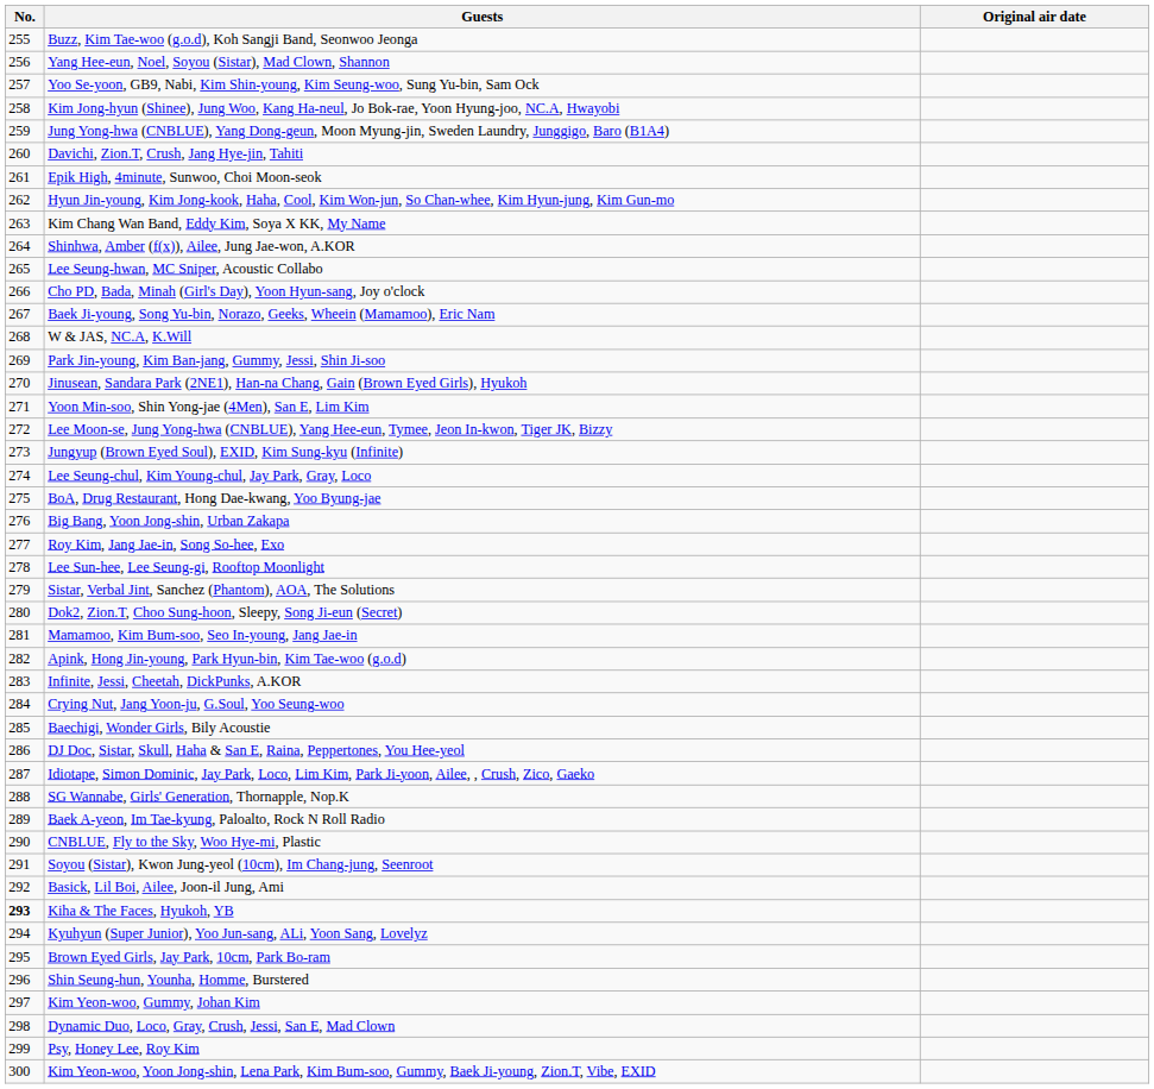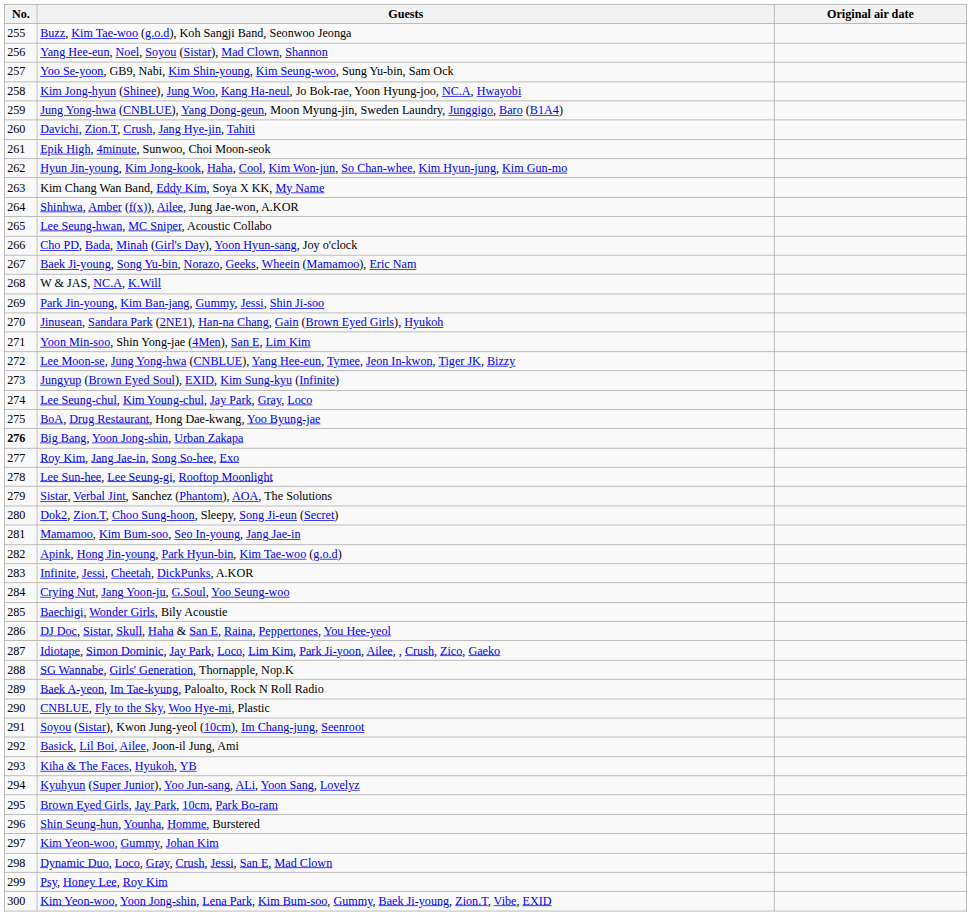 <table class="wikitable" style="width:80%; style="text-align:center" margin:auto; background:#FFFFFF;">
 <tr>
 <th>No.</th>
 <th>Guests</th>
 <th width="20%">Original air date</th>
 </tr>
 <tr>
 <td>255</td>
 <td><a href='#'>Buzz</a>, <a href='#'>Kim Tae-woo</a> (<a href='#'>g.o.d</a>), Koh Sangji Band, Seonwoo Jeonga</td>
 <td></td>
 </tr>
 <tr>
 <td>256</td>
 <td><a href='#'>Yang Hee-eun</a>, <a href='#'>Noel</a>, <a href='#'>Soyou</a> (<a href='#'>Sistar</a>), <a href='#'>Mad Clown</a>, <a href='#'>Shannon</a></td>
 <td></td>
 </tr>
 <tr>
 <td>257</td>
 <td><a href='#'>Yoo Se-yoon</a>, GB9, Nabi, <a href='#'>Kim Shin-young</a>, <a href='#'>Kim Seung-woo</a>, Sung Yu-bin, Sam Ock</td>
 <td></td>
 </tr>
 <tr>
 <td>258</td>
 <td><a href='#'>Kim Jong-hyun</a> (<a href='#'>Shinee</a>), <a href='#'>Jung Woo</a>, <a href='#'>Kang Ha-neul</a>, Jo Bok-rae, Yoon Hyung-joo, <a href='#'>NC.A</a>, <a href='#'>Hwayobi</a></td>
 <td></td>
 </tr>
 <tr>
 <td>259</td>
 <td><a href='#'>Jung Yong-hwa</a> (<a href='#'>CNBLUE</a>), <a href='#'>Yang Dong-geun</a>, Moon Myung-jin, Sweden Laundry, <a href='#'>Junggigo</a>, <a href='#'>Baro</a> (<a href='#'>B1A4</a>)</td>
 <td></td>
 </tr>
 <tr>
 <td>260</td>
 <td><a href='#'>Davichi</a>, <a href='#'>Zion.T</a>, <a href='#'>Crush</a>, <a href='#'>Jang Hye-jin</a>, <a href='#'>Tahiti</a></td>
 <td></td>
 </tr>
 <tr>
 <td>261</td>
 <td><a href='#'>Epik High</a>, <a href='#'>4minute</a>, Sunwoo, Choi Moon-seok</td>
 <td></td>
 </tr>
 <tr>
 <td>262</td>
 <td><a href='#'>Hyun Jin-young</a>, <a href='#'>Kim Jong-kook</a>, <a href='#'>Haha</a>, <a href='#'>Cool</a>, <a href='#'>Kim Won-jun</a>, <a href='#'>So Chan-whee</a>, <a href='#'>Kim Hyun-jung</a>, <a href='#'>Kim Gun-mo</a></td>
 <td></td>
 </tr>
 <tr>
 <td>263</td>
 <td>Kim Chang Wan Band, <a href='#'>Eddy Kim</a>, Soya X KK, <a href='#'>My Name</a></td>
 <td></td>
 </tr>
 <tr>
 <td>264</td>
 <td><a href='#'>Shinhwa</a>, <a href='#'>Amber</a> (<a href='#'>f(x)</a>), <a href='#'>Ailee</a>, Jung Jae-won, A.KOR</td>
 <td></td>
 </tr>
 <tr>
 <td>265</td>
 <td><a href='#'>Lee Seung-hwan</a>, <a href='#'>MC Sniper</a>, Acoustic Collabo</td>
 <td></td>
 </tr>
 <tr>
 <td>266</td>
 <td><a href='#'>Cho PD</a>, <a href='#'>Bada</a>, <a href='#'>Minah</a> (<a href='#'>Girl's Day</a>), <a href='#'>Yoon Hyun-sang</a>, Joy o'clock</td>
 <td></td>
 </tr>
 <tr>
 <td>267</td>
 <td><a href='#'>Baek Ji-young</a>, <a href='#'>Song Yu-bin</a>, <a href='#'>Norazo</a>, <a href='#'>Geeks</a>, <a href='#'>Wheein</a> (<a href='#'>Mamamoo</a>), <a href='#'>Eric Nam</a></td>
 <td></td>
 </tr>
 <tr>
 <td>268</td>
 <td>W & JAS, <a href='#'>NC.A</a>, <a href='#'>K.Will</a></td>
 <td></td>
 </tr>
 <tr>
 <td>269</td>
 <td><a href='#'>Park Jin-young</a>, <a href='#'>Kim Ban-jang</a>, <a href='#'>Gummy</a>, <a href='#'>Jessi</a>, <a href='#'>Shin Ji-soo</a></td>
 <td></td>
 </tr>
 <tr>
 <td>270</td>
 <td><a href='#'>Jinusean</a>, <a href='#'>Sandara Park</a> (<a href='#'>2NE1</a>), <a href='#'>Han-na Chang</a>, <a href='#'>Gain</a> (<a href='#'>Brown Eyed Girls</a>), <a href='#'>Hyukoh</a></td>
 <td></td>
 </tr>
 <tr>
 <td>271</td>
 <td><a href='#'>Yoon Min-soo</a>, Shin Yong-jae (<a href='#'>4Men</a>), <a href='#'>San E</a>, <a href='#'>Lim Kim</a></td>
 <td></td>
 </tr>
 <tr>
 <td>272</td>
 <td><a href='#'>Lee Moon-se</a>, <a href='#'>Jung Yong-hwa</a> (<a href='#'>CNBLUE</a>), <a href='#'>Yang Hee-eun</a>, <a href='#'>Tymee</a>, <a href='#'>Jeon In-kwon</a>, <a href='#'>Tiger JK</a>, <a href='#'>Bizzy</a></td>
 <td></td>
 </tr>
 <tr>
 <td>273</td>
 <td><a href='#'>Jungyup</a> (<a href='#'>Brown Eyed Soul</a>), <a href='#'>EXID</a>, <a href='#'>Kim Sung-kyu</a> (<a href='#'>Infinite</a>)</td>
 <td></td>
 </tr>
 <tr>
 <td>274</td>
 <td><a href='#'>Lee Seung-chul</a>, <a href='#'>Kim Young-chul</a>, <a href='#'>Jay Park</a>, <a href='#'>Gray</a>, <a href='#'>Loco</a></td>
 <td></td>
 </tr>
 <tr>
 <td>275</td>
 <td><a href='#'>BoA</a>, <a href='#'>Drug Restaurant</a>, Hong Dae-kwang, <a href='#'>Yoo Byung-jae</a></td>
 <td></td>
 </tr>
 <tr>
-<td>276</td>
+<td><strong>276</strong></td>
 <td><a href='#'>Big Bang</a>, <a href='#'>Yoon Jong-shin</a>, <a href='#'>Urban Zakapa</a></td>
 <td></td>
 </tr>
 <tr>
 <td>277</td>
 <td><a href='#'>Roy Kim</a>, <a href='#'>Jang Jae-in</a>, <a href='#'>Song So-hee</a>, <a href='#'>Exo</a></td>
 <td></td>
 </tr>
 <tr>
 <td>278</td>
 <td><a href='#'>Lee Sun-hee</a>, <a href='#'>Lee Seung-gi</a>, <a href='#'>Rooftop Moonlight</a></td>
 <td></td>
 </tr>
 <tr>
 <td>279</td>
 <td><a href='#'>Sistar</a>, <a href='#'>Verbal Jint</a>, Sanchez (<a href='#'>Phantom</a>), <a href='#'>AOA</a>, The Solutions</td>
 <td></td>
 </tr>
 <tr>
 <td>280</td>
 <td><a href='#'>Dok2</a>, <a href='#'>Zion.T</a>, <a href='#'>Choo Sung-hoon</a>, Sleepy, <a href='#'>Song Ji-eun</a> (<a href='#'>Secret</a>)</td>
 <td></td>
 </tr>
 <tr>
 <td>281</td>
 <td><a href='#'>Mamamoo</a>, <a href='#'>Kim Bum-soo</a>, <a href='#'>Seo In-young</a>, <a href='#'>Jang Jae-in</a></td>
 <td></td>
 </tr>
 <tr>
 <td>282</td>
 <td><a href='#'>Apink</a>, <a href='#'>Hong Jin-young</a>, <a href='#'>Park Hyun-bin</a>, <a href='#'>Kim Tae-woo</a> (<a href='#'>g.o.d</a>)</td>
 <td></td>
 </tr>
 <tr>
 <td>283</td>
 <td><a href='#'>Infinite</a>, <a href='#'>Jessi</a>, <a href='#'>Cheetah</a>, <a href='#'>DickPunks</a>, A.KOR</td>
 <td></td>
 </tr>
 <tr>
 <td>284</td>
 <td><a href='#'>Crying Nut</a>, <a href='#'>Jang Yoon-ju</a>, <a href='#'>G.Soul</a>, <a href='#'>Yoo Seung-woo</a></td>
 <td></td>
 </tr>
 <tr>
 <td>285</td>
 <td><a href='#'>Baechigi</a>, <a href='#'>Wonder Girls</a>, Bily Acoustie</td>
 <td></td>
 </tr>
 <tr>
 <td>286</td>
 <td><a href='#'>DJ Doc</a>, <a href='#'>Sistar</a>, <a href='#'>Skull</a>, <a href='#'>Haha</a> & <a href='#'>San E</a>, <a href='#'>Raina</a>, <a href='#'>Peppertones</a>, <a href='#'>You Hee-yeol</a></td>
 <td></td>
 </tr>
 <tr>
 <td>287</td>
 <td><a href='#'>Idiotape</a>, <a href='#'>Simon Dominic</a>, <a href='#'>Jay Park</a>, <a href='#'>Loco</a>, <a href='#'>Lim Kim</a>, <a href='#'>Park Ji-yoon</a>, <a href='#'>Ailee</a>, , <a href='#'>Crush</a>, <a href='#'>Zico</a>, <a href='#'>Gaeko</a></td>
 <td></td>
 </tr>
 <tr>
 <td>288</td>
 <td><a href='#'>SG Wannabe</a>, <a href='#'>Girls' Generation</a>, Thornapple, Nop.K</td>
 <td></td>
 </tr>
 <tr>
 <td>289</td>
 <td><a href='#'>Baek A-yeon</a>, <a href='#'>Im Tae-kyung</a>, Paloalto, Rock N Roll Radio</td>
 <td></td>
 </tr>
 <tr>
 <td>290</td>
 <td><a href='#'>CNBLUE</a>, <a href='#'>Fly to the Sky</a>, <a href='#'>Woo Hye-mi</a>, Plastic</td>
 <td></td>
 </tr>
 <tr>
 <td>291</td>
 <td><a href='#'>Soyou</a> (<a href='#'>Sistar</a>), Kwon Jung-yeol (<a href='#'>10cm</a>), <a href='#'>Im Chang-jung</a>, <a href='#'>Seenroot</a></td>
 <td></td>
 </tr>
 <tr>
 <td>292</td>
 <td><a href='#'>Basick</a>, <a href='#'>Lil Boi</a>, <a href='#'>Ailee</a>, Joon-il Jung, Ami</td>
 <td></td>
 </tr>
 <tr>
-<td><strong>293</strong></td>
+<td>293</td>
 <td><a href='#'>Kiha & The Faces</a>, <a href='#'>Hyukoh</a>, <a href='#'>YB</a></td>
 <td></td>
 </tr>
 <tr>
 <td>294</td>
 <td><a href='#'>Kyuhyun</a> (<a href='#'>Super Junior</a>), <a href='#'>Yoo Jun-sang</a>, <a href='#'>ALi</a>, <a href='#'>Yoon Sang</a>, <a href='#'>Lovelyz</a></td>
 <td></td>
 </tr>
 <tr>
 <td>295</td>
 <td><a href='#'>Brown Eyed Girls</a>, <a href='#'>Jay Park</a>, <a href='#'>10cm</a>, <a href='#'>Park Bo-ram</a></td>
 <td></td>
 </tr>
 <tr>
 <td>296</td>
 <td><a href='#'>Shin Seung-hun</a>, <a href='#'>Younha</a>, <a href='#'>Homme</a>, Burstered</td>
 <td></td>
 </tr>
 <tr>
 <td>297</td>
 <td><a href='#'>Kim Yeon-woo</a>, <a href='#'>Gummy</a>, <a href='#'>Johan Kim</a></td>
 <td></td>
 </tr>
 <tr>
 <td>298</td>
 <td><a href='#'>Dynamic Duo</a>, <a href='#'>Loco</a>, <a href='#'>Gray</a>, <a href='#'>Crush</a>, <a href='#'>Jessi</a>, <a href='#'>San E</a>, <a href='#'>Mad Clown</a></td>
 <td></td>
 </tr>
 <tr>
 <td>299</td>
 <td><a href='#'>Psy</a>, <a href='#'>Honey Lee</a>, <a href='#'>Roy Kim</a></td>
 <td></td>
 </tr>
 <tr>
 <td>300</td>
 <td><a href='#'>Kim Yeon-woo</a>, <a href='#'>Yoon Jong-shin</a>, <a href='#'>Lena Park</a>, <a href='#'>Kim Bum-soo</a>, <a href='#'>Gummy</a>, <a href='#'>Baek Ji-young</a>, <a href='#'>Zion.T</a>, <a href='#'>Vibe</a>, <a href='#'>EXID</a></td>
 <td></td>
 </tr>
 </table>
